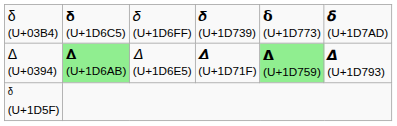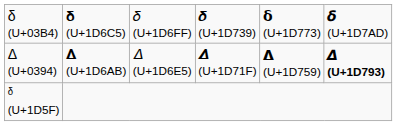 <table class="wikitable">
 <tr>
 <td>δ<br><small>(U+03B4)</small></td>
 <td>𝛅<br><small>(U+1D6C5)</small></td>
 <td>𝛿<br><small>(U+1D6FF)</small></td>
 <td>𝜹<br><small>(U+1D739)</small></td>
 <td>𝝳<br><small>(U+1D773)</small></td>
 <td>𝞭<br><small>(U+1D7AD)</small></td>
 </tr>
 <tr>
 <td>Δ<br><small>(U+0394)</small></td>
-<td style="background: lightgreen;">𝚫<br><small>(U+1D6AB)</small></td>
+<td>𝚫<br><small>(U+1D6AB)</small></td>
 <td>𝛥<br><small>(U+1D6E5)</small></td>
 <td>𝜟<br><small>(U+1D71F)</small></td>
-<td style="background: lightgreen;">𝝙<br><small>(U+1D759)</small></td>
-<td>𝞓<br><small>(U+1D793)</small></td>
+<td>𝝙<br><small>(U+1D759)</small></td>
+<td><strong>𝞓<br><small>(U+1D793)</small></strong></td>
 </tr>
 <tr>
 <td>ᵟ<br><small>(U+1D5F)</small></td>
 </tr>
 </table>
